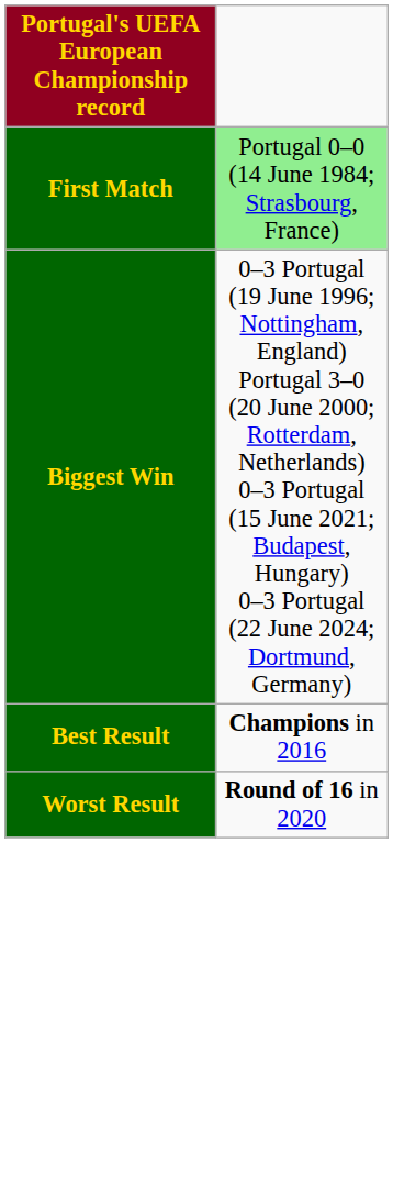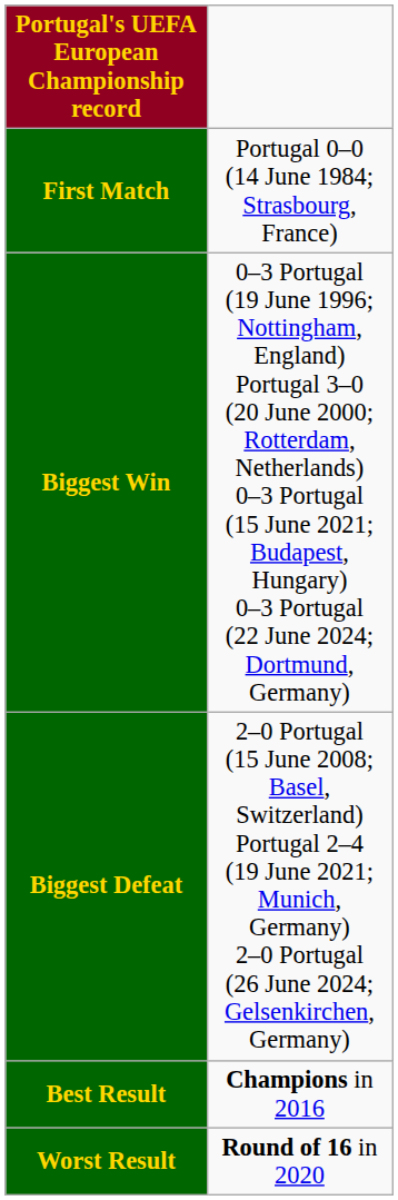 <table class="wikitable collapsible collapsed" style="width:40%;text-align:center">
 <tr>
 <th style="background:#900020; color:gold; ">Portugal's UEFA European Championship record</th>
 </tr>
 <tr>
 <th style="background:#006600; color:gold; ">First Match</th>
-<td style="background: lightgreen;">Portugal  0–0 <br> (14 June 1984; <a href='#'>Strasbourg</a>, France)</td>
+<td>Portugal  0–0 <br> (14 June 1984; <a href='#'>Strasbourg</a>, France)</td>
 </tr>
 <tr>
 <th style="background:#006600; color:gold; ">Biggest Win</th>
 <td> 0–3  Portugal<br>(19 June 1996; <a href='#'>Nottingham</a>, England)<br>Portugal  3–0 <br>(20 June 2000; <a href='#'>Rotterdam</a>, Netherlands)<br> 0–3  Portugal<br>(15 June 2021; <a href='#'>Budapest</a>, Hungary)<br> 0–3  Portugal<br>(22 June 2024; <a href='#'>Dortmund</a>, Germany)</td>
+</tr>
+<tr>
+<th style="background:#006600; color:gold; ">Biggest Defeat</th>
+<td> 2–0  Portugal<br>(15 June 2008; <a href='#'>Basel</a>, Switzerland)<br>Portugal  2–4 <br>(19 June 2021; <a href='#'>Munich</a>, Germany)<br> 2–0  Portugal<br>(26 June 2024; <a href='#'>Gelsenkirchen</a>, Germany)</td>
 </tr>
 <tr>
 <th style="background:#006600; color:gold; ">Best Result</th>
 <td><strong>Champions</strong> in <a href='#'>2016</a></td>
 </tr>
 <tr>
 <th style="background:#006600; color:gold; ">Worst Result</th>
 <td><strong>Round of 16</strong> in <a href='#'>2020</a></td>
 </tr>
 </table>
